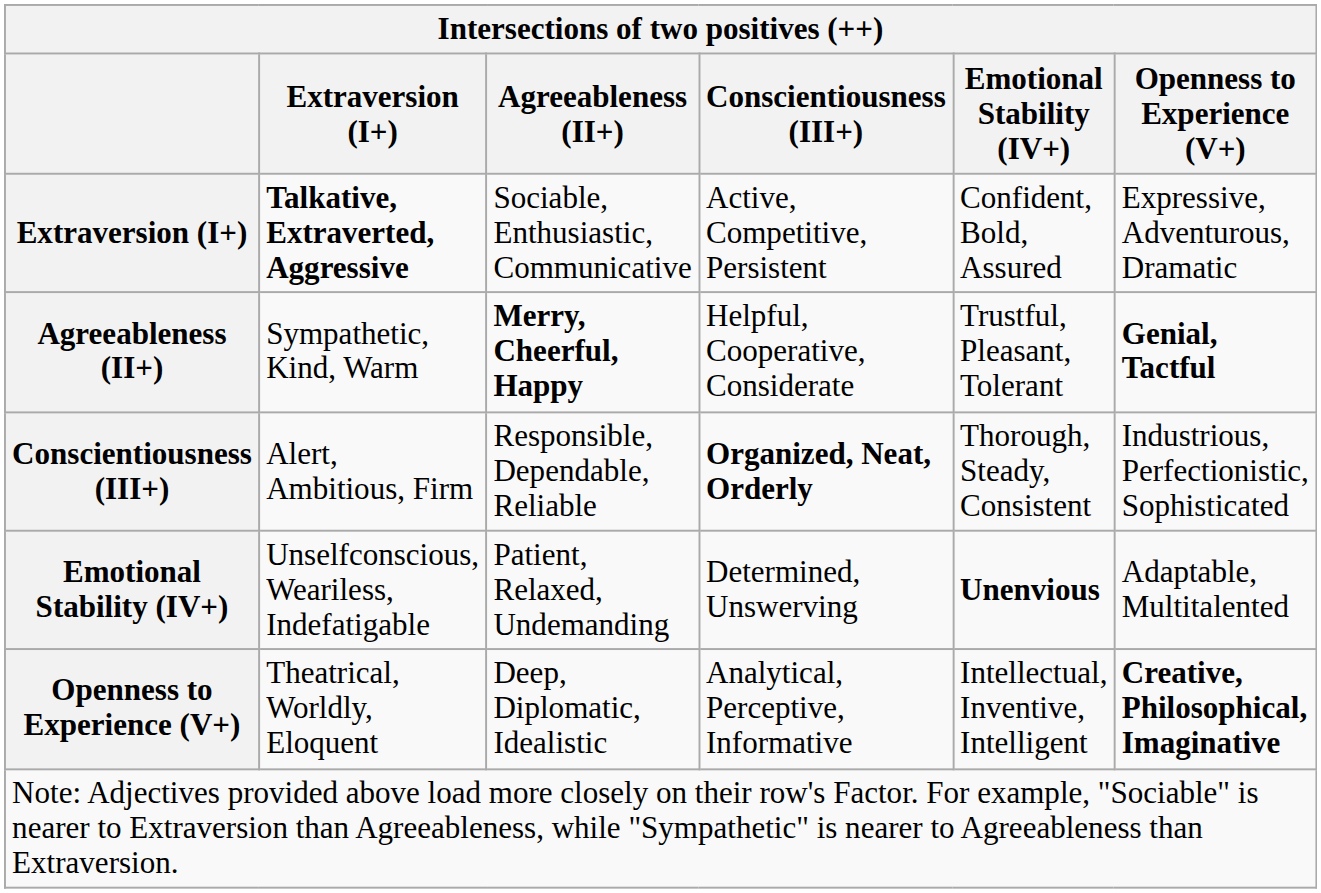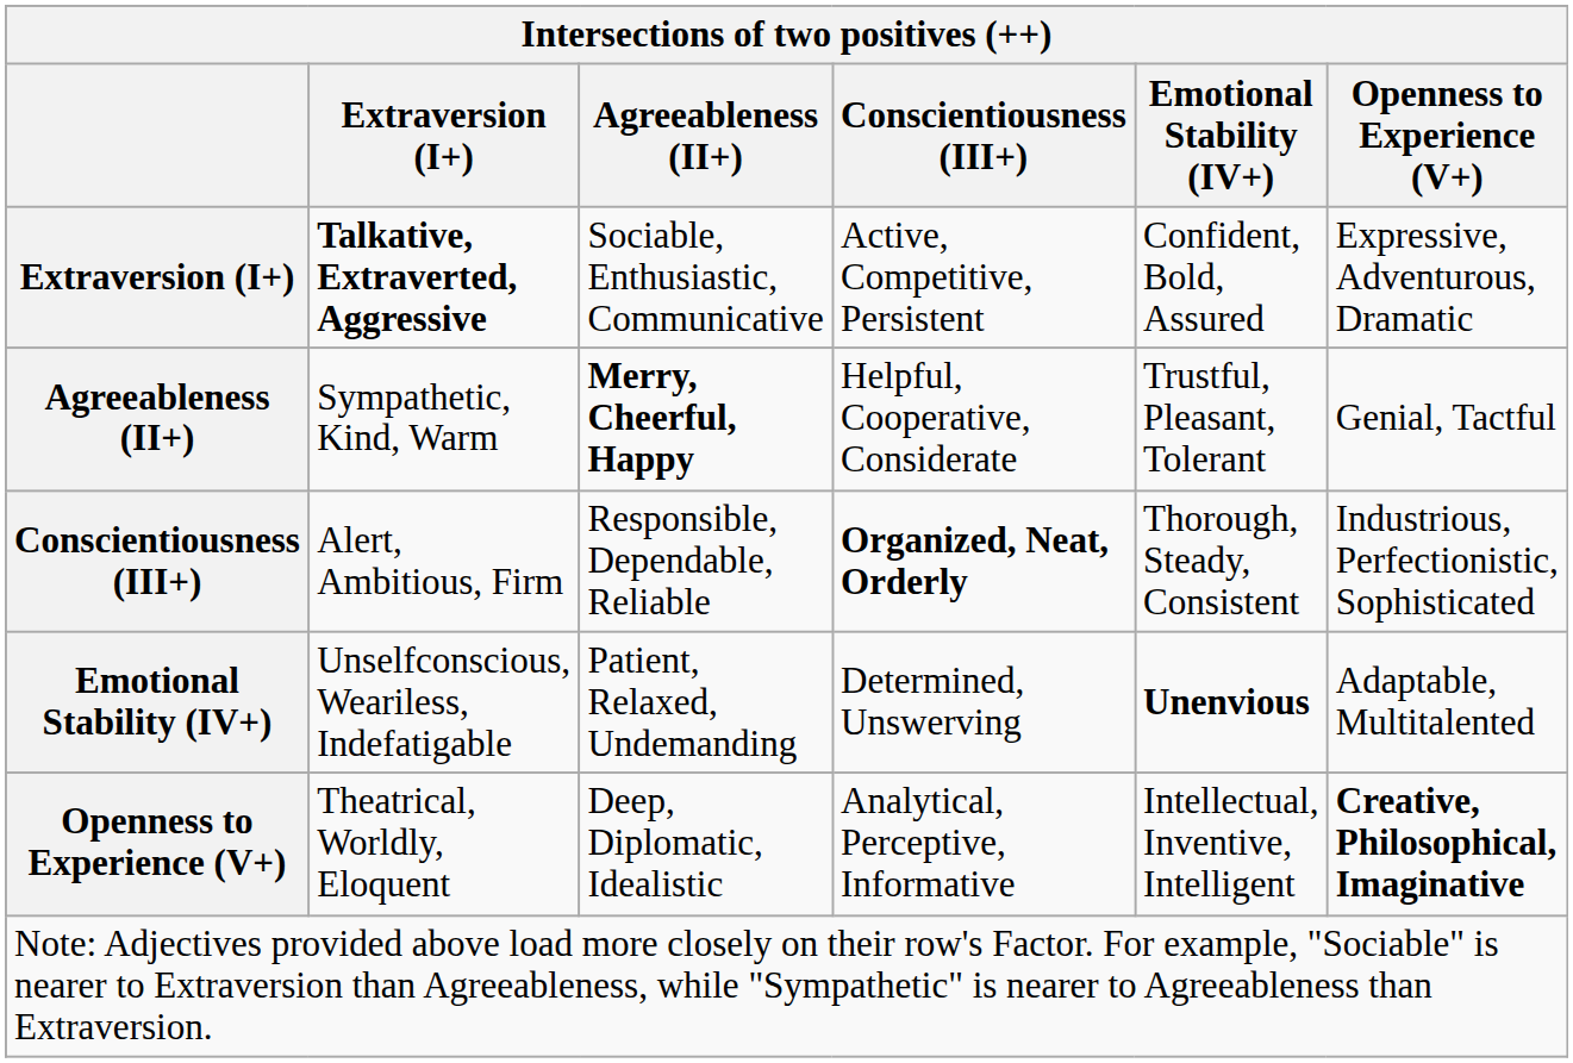 <table class="wikitable">
 <tr>
 <th colspan="6">Intersections of two positives (++)</th>
 </tr>
 <tr>
 <th></th>
 <th>Extraversion (I+)</th>
 <th>Agreeableness (II+)</th>
 <th>Conscientiousness (III+)</th>
 <th>Emotional Stability (IV+)</th>
 <th>Openness to Experience (V+)</th>
 </tr>
 <tr>
 <th>Extraversion (I+)</th>
 <td><strong>Talkative, Extraverted, Aggressive</strong></td>
 <td>Sociable, Enthusiastic, Communicative</td>
 <td>Active, Competitive, Persistent</td>
 <td>Confident, Bold, Assured</td>
 <td>Expressive, Adventurous, Dramatic</td>
 </tr>
 <tr>
 <th>Agreeableness (II+)</th>
 <td>Sympathetic, Kind, Warm</td>
 <td><strong>Merry, Cheerful, Happy</strong></td>
 <td>Helpful, Cooperative, Considerate</td>
 <td>Trustful, Pleasant, Tolerant</td>
-<td><strong>Genial, Tactful</strong></td>
+<td>Genial, Tactful</td>
 </tr>
 <tr>
 <th>Conscientiousness (III+)</th>
 <td>Alert, Ambitious, Firm</td>
 <td>Responsible, Dependable, Reliable</td>
 <td><strong>Organized, Neat, Orderly</strong></td>
 <td>Thorough, Steady, Consistent</td>
 <td>Industrious, Perfectionistic, Sophisticated</td>
 </tr>
 <tr>
 <th>Emotional Stability (IV+)</th>
 <td>Unselfconscious, Weariless, Indefatigable</td>
 <td>Patient, Relaxed, Undemanding</td>
 <td>Determined, Unswerving</td>
 <td><strong>Unenvious</strong></td>
 <td>Adaptable, Multitalented</td>
 </tr>
 <tr>
 <th>Openness to Experience (V+)</th>
 <td>Theatrical, Worldly, Eloquent</td>
 <td>Deep, Diplomatic, Idealistic</td>
 <td>Analytical, Perceptive, Informative</td>
 <td>Intellectual, Inventive, Intelligent</td>
 <td><strong>Creative, Philosophical, Imaginative</strong></td>
 </tr>
 <tr>
 <td colspan="6”.">Note: Adjectives provided above load more closely on their row's Factor. For example, "Sociable" is nearer to Extraversion than Agreeableness, while "Sympathetic" is nearer to Agreeableness than Extraversion.</td>
 </tr>
 </table>
